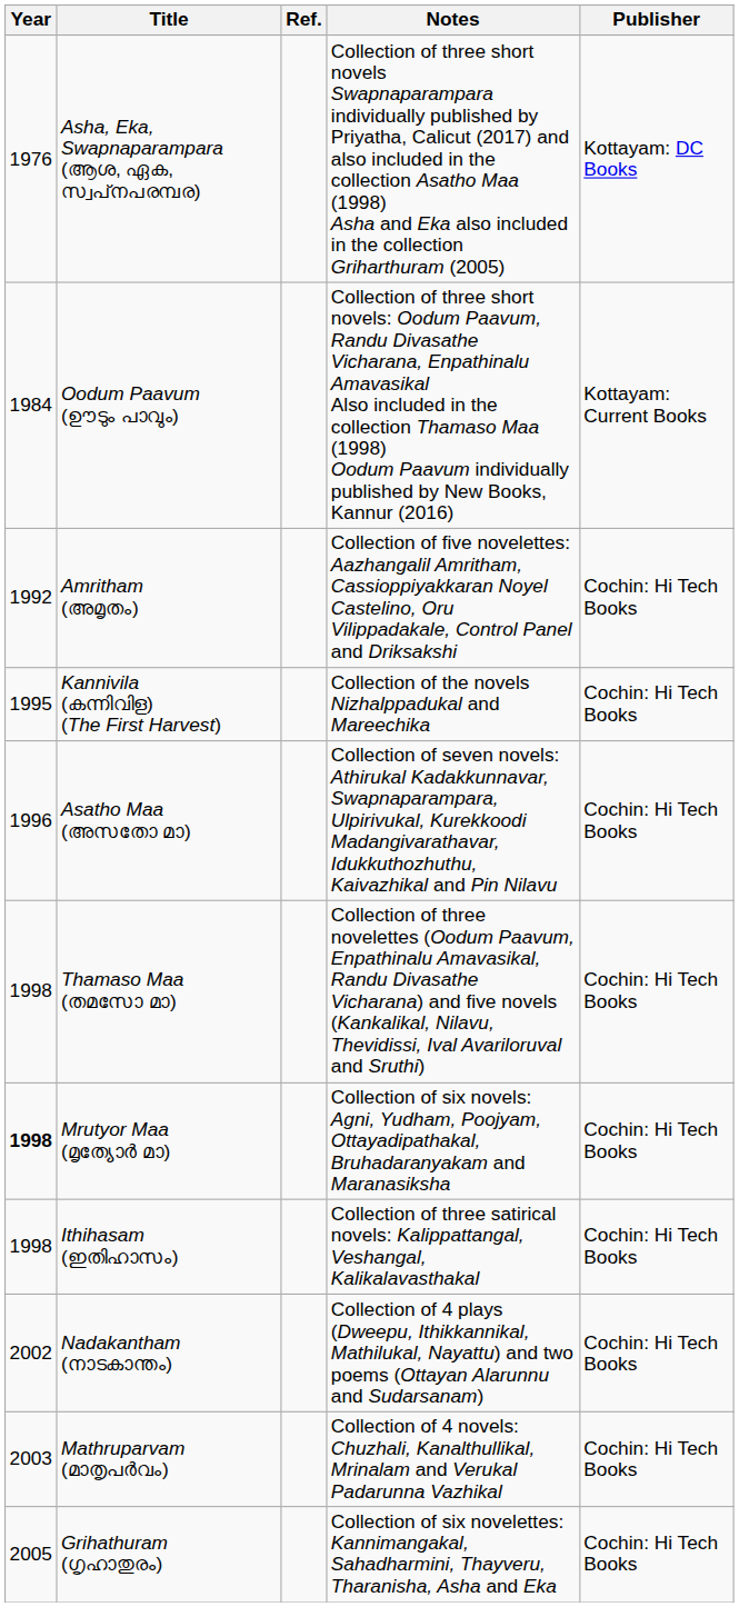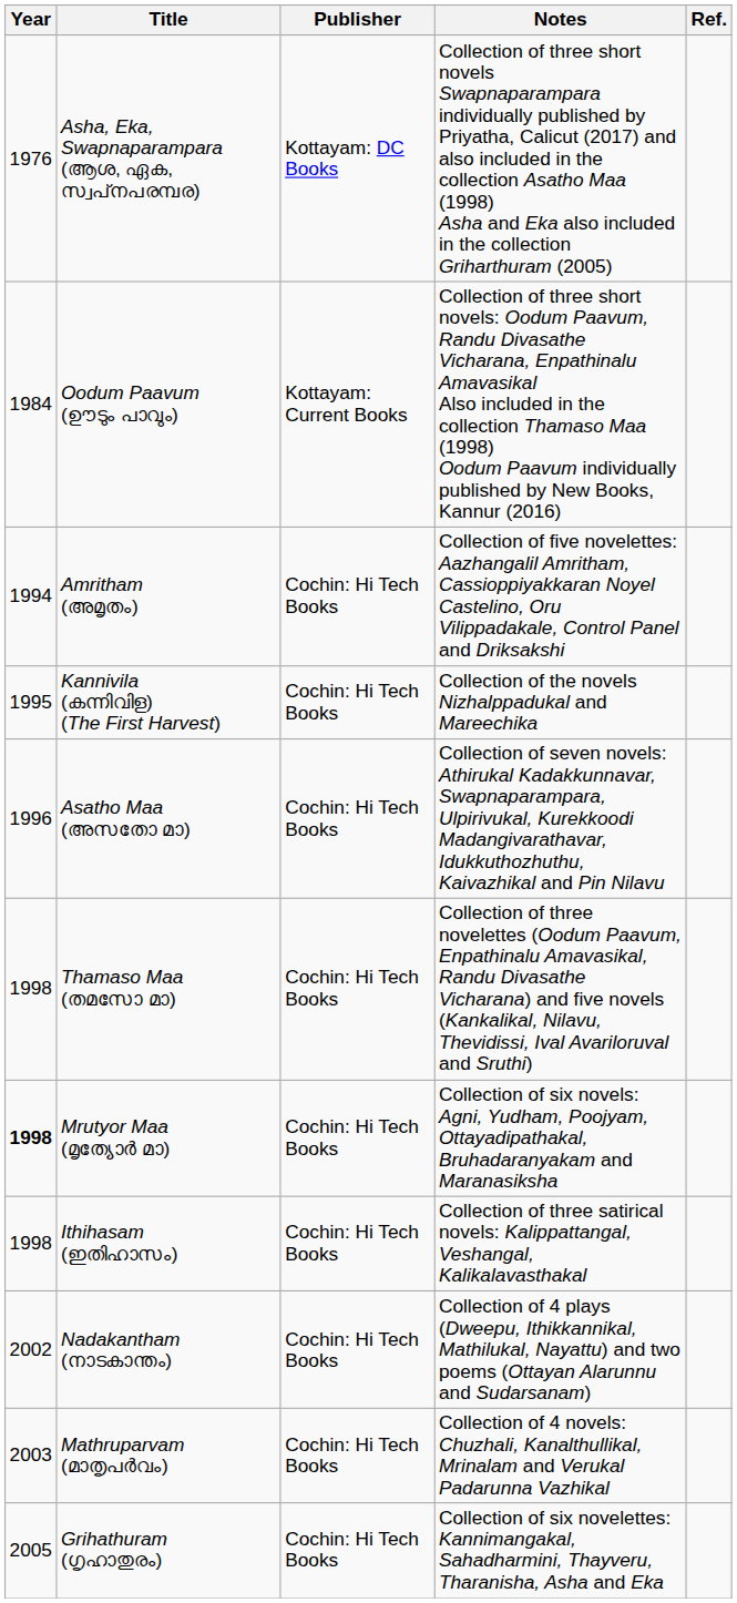 <table class="wikitable">
 <tr>
 <th>Year</th>
 <th ! style=width:20em>Title</th>
+<th ! style=width:17em>Publisher</th>
+<th ! style=width:25em>Notes</th>
 <th>Ref.</th>
-<th ! style=width:25em>Notes</th>
-<th ! style=width:17em>Publisher</th>
 </tr>
 <tr>
 <td>1976</td>
 <td><em>Asha, Eka, Swapnaparampara</em><br>(ആശ, ഏക, സ്വപ്‌നപരമ്പര)</td>
+<td>Kottayam: <a href='#'>DC Books</a></td>
+<td>Collection of three short novels<br><em>Swapnaparampara</em> individually published by Priyatha, Calicut (2017) and also included in the collection <em>Asatho Maa</em> (1998)<br><em>Asha</em> and <em>Eka</em> also included in the collection <em>Griharthuram</em> (2005)</td>
 <td></td>
-<td>Collection of three short novels<br><em>Swapnaparampara</em> individually published by Priyatha, Calicut (2017) and also included in the collection <em>Asatho Maa</em> (1998)<br><em>Asha</em> and <em>Eka</em> also included in the collection <em>Griharthuram</em> (2005)</td>
-<td>Kottayam: <a href='#'>DC Books</a></td>
 </tr>
 <tr>
 <td>1984</td>
 <td><em>Oodum Paavum</em><br>(ഊടും പാവും)</td>
+<td>Kottayam: Current Books</td>
+<td>Collection of three short novels: <em>Oodum Paavum, Randu Divasathe Vicharana, Enpathinalu Amavasikal</em><br>Also included in the collection <em>Thamaso Maa</em> (1998)<br><em>Oodum Paavum</em> individually published by New Books, Kannur (2016)</td>
 <td></td>
-<td>Collection of three short novels: <em>Oodum Paavum, Randu Divasathe Vicharana, Enpathinalu Amavasikal</em><br>Also included in the collection <em>Thamaso Maa</em> (1998)<br><em>Oodum Paavum</em> individually published by New Books, Kannur (2016)</td>
-<td>Kottayam: Current Books</td>
 </tr>
 <tr>
-<td>1992</td>
+<td>1994</td>
 <td><em>Amritham</em><br>(അമൃതം)</td>
+<td>Cochin: Hi Tech Books</td>
+<td>Collection of five novelettes: <em>Aazhangalil Amritham, Cassioppiyakkaran Noyel Castelino, Oru Vilippadakale, Control Panel</em> and <em>Driksakshi</em></td>
 <td></td>
-<td>Collection of five novelettes: <em>Aazhangalil Amritham, Cassioppiyakkaran Noyel Castelino, Oru Vilippadakale, Control Panel</em> and <em>Driksakshi</em></td>
-<td>Cochin: Hi Tech Books</td>
 </tr>
 <tr>
 <td>1995</td>
 <td><em>Kannivila</em><br>(കന്നിവിള)<br>(<em>The First Harvest</em>)</td>
+<td>Cochin: Hi Tech Books</td>
+<td>Collection of the novels <em>Nizhalppadukal</em> and <em>Mareechika</em></td>
 <td></td>
-<td>Collection of the novels <em>Nizhalppadukal</em> and <em>Mareechika</em></td>
-<td>Cochin: Hi Tech Books</td>
 </tr>
 <tr>
 <td>1996</td>
 <td><em>Asatho Maa</em><br>(അസതോ മാ)</td>
+<td>Cochin: Hi Tech Books</td>
+<td>Collection of seven novels: <em>Athirukal Kadakkunnavar, Swapnaparampara, Ulpirivukal, Kurekkoodi Madangivarathavar, Idukkuthozhuthu, Kaivazhikal</em> and <em>Pin Nilavu</em></td>
 <td></td>
-<td>Collection of seven novels: <em>Athirukal Kadakkunnavar, Swapnaparampara, Ulpirivukal, Kurekkoodi Madangivarathavar, Idukkuthozhuthu, Kaivazhikal</em> and <em>Pin Nilavu</em></td>
-<td>Cochin: Hi Tech Books</td>
 </tr>
 <tr>
 <td>1998</td>
 <td><em>Thamaso Maa</em><br>(തമസോ മാ)</td>
+<td>Cochin: Hi Tech Books</td>
+<td>Collection of three novelettes (<em>Oodum Paavum, Enpathinalu Amavasikal, Randu Divasathe Vicharana</em>) and five novels (<em>Kankalikal, Nilavu, Thevidissi, Ival Avariloruval</em> and <em>Sruthi</em>)</td>
 <td></td>
-<td>Collection of three novelettes (<em>Oodum Paavum, Enpathinalu Amavasikal, Randu Divasathe Vicharana</em>) and five novels (<em>Kankalikal, Nilavu, Thevidissi, Ival Avariloruval</em> and <em>Sruthi</em>)</td>
-<td>Cochin: Hi Tech Books</td>
 </tr>
 <tr>
 <td><strong>1998</strong></td>
 <td><em>Mrutyor Maa</em><br>(മൃത്യോർ മാ)</td>
+<td>Cochin: Hi Tech Books</td>
+<td>Collection of six novels: <em>Agni, Yudham, Poojyam, Ottayadipathakal, 	Bruhadaranyakam</em> and <em>Maranasiksha</em></td>
 <td></td>
-<td>Collection of six novels: <em>Agni, Yudham, Poojyam, Ottayadipathakal, 	Bruhadaranyakam</em> and <em>Maranasiksha</em></td>
-<td>Cochin: Hi Tech Books</td>
 </tr>
 <tr>
 <td>1998</td>
 <td><em>Ithihasam</em><br>(ഇതിഹാസം)</td>
+<td>Cochin: Hi Tech Books</td>
+<td>Collection of three satirical novels: <em>Kalippattangal, Veshangal, Kalikalavasthakal</em></td>
 <td></td>
-<td>Collection of three satirical novels: <em>Kalippattangal, Veshangal, Kalikalavasthakal</em></td>
-<td>Cochin: Hi Tech Books</td>
 </tr>
 <tr>
 <td>2002</td>
 <td><em>Nadakantham</em><br>(നാടകാന്തം)</td>
+<td>Cochin: Hi Tech Books</td>
+<td>Collection of 4 plays (<em>Dweepu, Ithikkannikal, Mathilukal, Nayattu</em>) and two poems (<em>Ottayan Alarunnu</em> and <em>Sudarsanam</em>)</td>
 <td></td>
-<td>Collection of 4 plays (<em>Dweepu, Ithikkannikal, Mathilukal, Nayattu</em>) and two poems (<em>Ottayan Alarunnu</em> and <em>Sudarsanam</em>)</td>
-<td>Cochin: Hi Tech Books</td>
 </tr>
 <tr>
 <td>2003</td>
 <td><em>Mathruparvam</em><br>(മാതൃപർവം)</td>
+<td>Cochin: Hi Tech Books</td>
+<td>Collection of 4 novels: <em>Chuzhali, Kanalthullikal, Mrinalam</em> and <em>Verukal Padarunna Vazhikal</em></td>
 <td></td>
-<td>Collection of 4 novels: <em>Chuzhali, Kanalthullikal, Mrinalam</em> and <em>Verukal Padarunna Vazhikal</em></td>
-<td>Cochin: Hi Tech Books</td>
 </tr>
 <tr>
 <td>2005</td>
 <td><em>Grihathuram</em><br>(ഗൃഹാതുരം)</td>
+<td>Cochin: Hi Tech Books</td>
+<td>Collection of six novelettes: <em>Kannimangakal, Sahadharmini, Thayveru, Tharanisha, Asha</em> and <em>Eka</em></td>
 <td></td>
-<td>Collection of six novelettes: <em>Kannimangakal, Sahadharmini, Thayveru, Tharanisha, Asha</em> and <em>Eka</em></td>
-<td>Cochin: Hi Tech Books</td>
 </tr>
 </table>
